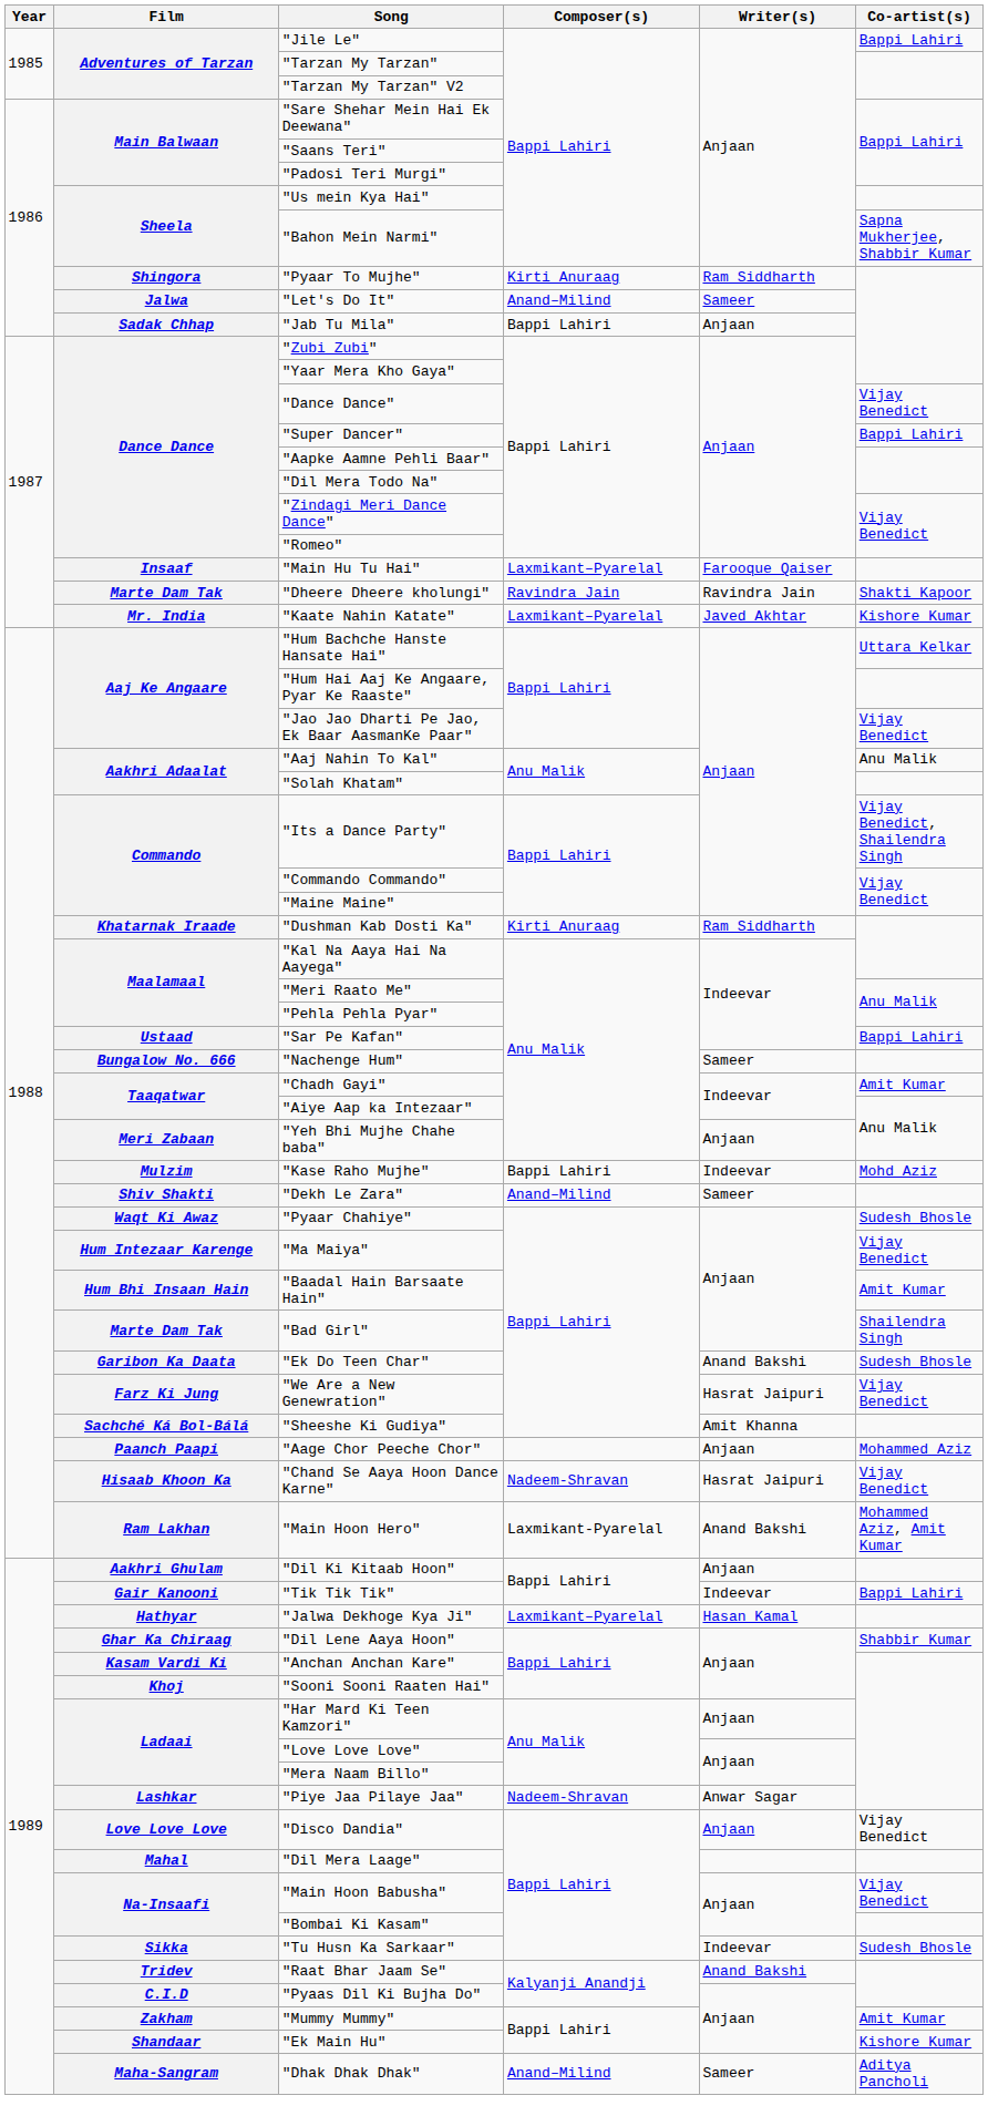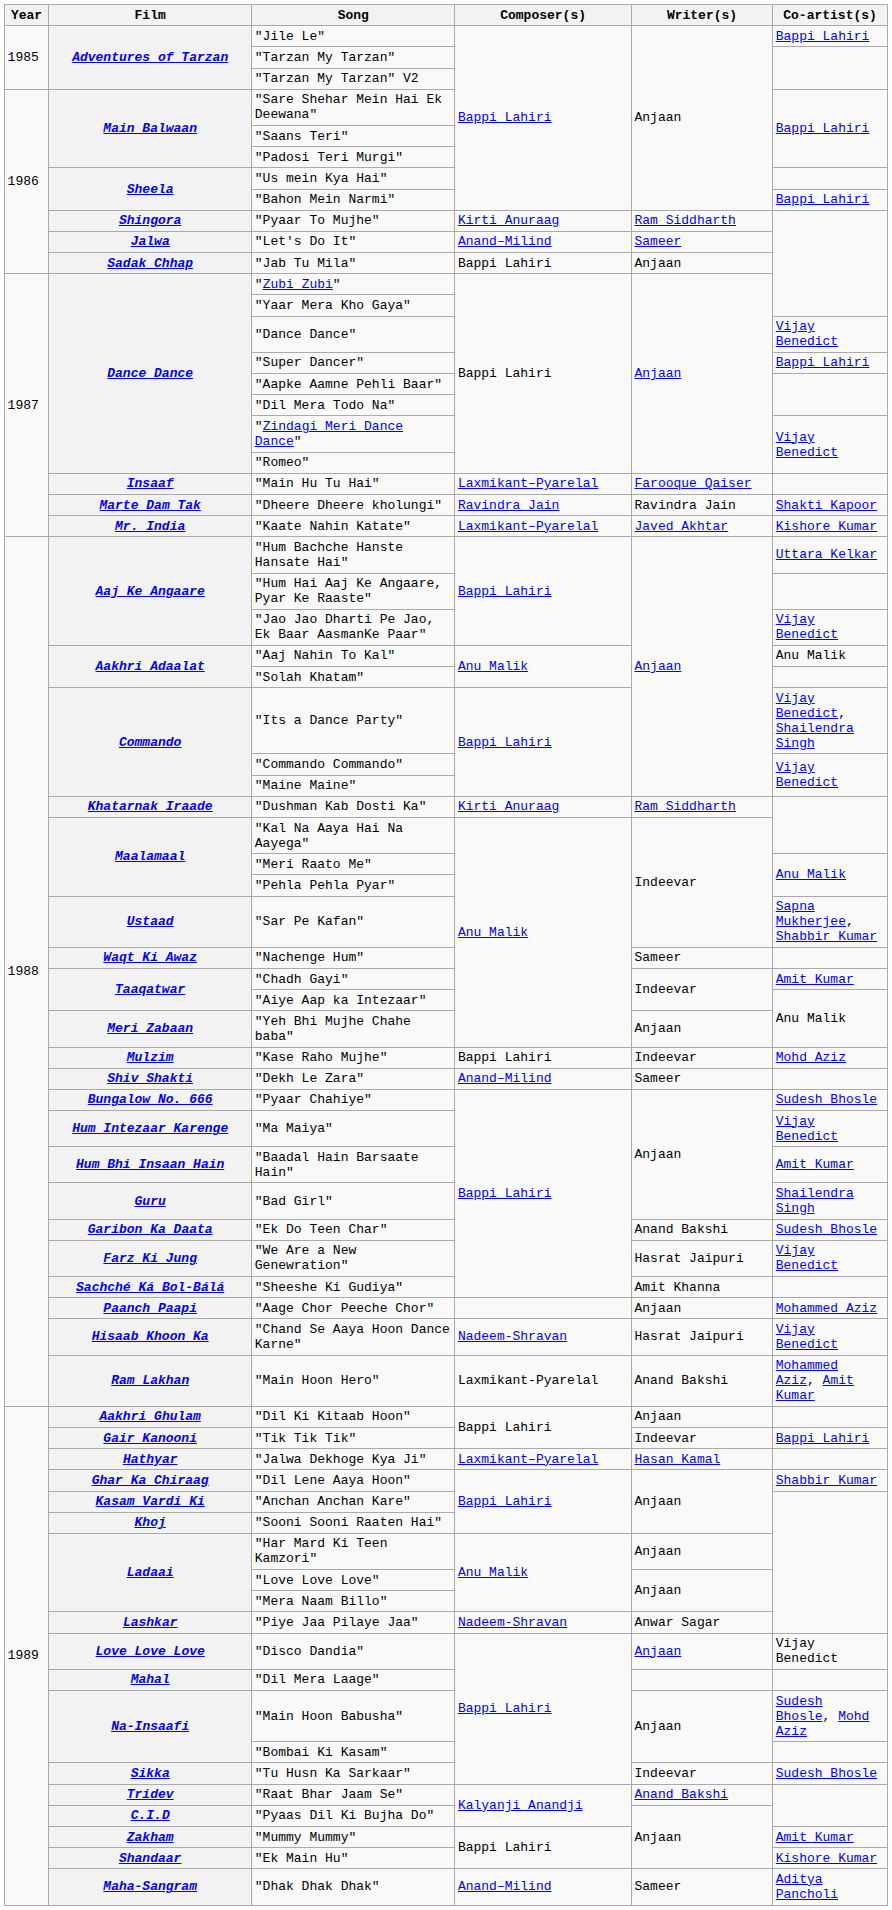 <table class="wikitable plainrowheaders" width="100%" textcolor:#000;">
 <tr style="background:#b0e0e66;">
 <th scope="col" width=5%><strong>Year</strong></th>
 <th scope="col" width=23%><strong>Film</strong></th>
 <th scope="col" width=23%><strong>Song</strong></th>
 <th scope="col" width=20%><strong>Composer(s)</strong></th>
 <th scope="col" width=16%><strong>Writer(s)</strong></th>
 <th scope="col" width=18%><strong>Co-artist(s)</strong></th>
 </tr>
 <tr>
 <td rowspan="3">1985</td>
 <th scope="row" rowspan="3"><em><a href='#'>Adventures of Tarzan</a></em></th>
 <td>"Jile Le"</td>
 <td rowspan="8"><a href='#'>Bappi Lahiri</a></td>
 <td rowspan="8">Anjaan</td>
 <td><a href='#'>Bappi Lahiri</a></td>
 </tr>
 <tr>
 <td>"Tarzan My Tarzan"</td>
 <td rowspan="2"></td>
 </tr>
 <tr>
 <td>"Tarzan My Tarzan" V2</td>
 </tr>
 <tr>
 <td rowspan="8">1986</td>
 <th scope="row" rowspan="3"><em><a href='#'>Main Balwaan</a></em></th>
 <td>"Sare Shehar Mein Hai Ek Deewana"</td>
 <td rowspan="3"><a href='#'>Bappi Lahiri</a></td>
 </tr>
 <tr>
 <td>"Saans Teri"</td>
 </tr>
 <tr>
 <td>"Padosi Teri Murgi"</td>
 </tr>
 <tr>
 <th scope="row" rowspan="2"><em><a href='#'>Sheela</a></em></th>
 <td>"Us mein Kya Hai"</td>
 <td></td>
 </tr>
 <tr>
 <td>"Bahon Mein Narmi"</td>
-<td><a href='#'>Sapna Mukherjee</a>, <a href='#'>Shabbir Kumar</a></td>
+<td><a href='#'>Bappi Lahiri</a></td>
 </tr>
 <tr>
 <th scope="row"><em><a href='#'>Shingora</a></em></th>
 <td>"Pyaar To Mujhe"</td>
 <td><a href='#'>Kirti Anuraag</a></td>
 <td><a href='#'>Ram Siddharth</a></td>
 <td rowspan="5"></td>
 </tr>
 <tr>
 <th scope="row"><em><a href='#'>Jalwa</a></em></th>
 <td>"Let's Do It"</td>
 <td><a href='#'>Anand–Milind</a></td>
 <td><a href='#'>Sameer</a></td>
 </tr>
 <tr>
 <th scope="row"><em><a href='#'>Sadak Chhap</a></em></th>
 <td>"Jab Tu Mila"</td>
 <td>Bappi Lahiri</td>
 <td>Anjaan</td>
 </tr>
 <tr>
 <td rowspan="11">1987</td>
 <th rowspan="8" scope="row"><em><a href='#'>Dance Dance</a></em></th>
 <td>"<a href='#'>Zubi Zubi</a>"</td>
 <td rowspan="8">Bappi Lahiri</td>
 <td rowspan="8"><a href='#'>Anjaan</a></td>
 </tr>
 <tr>
 <td>"Yaar Mera Kho Gaya"</td>
 </tr>
 <tr>
 <td>"Dance Dance"</td>
 <td><a href='#'>Vijay Benedict</a></td>
 </tr>
 <tr>
 <td>"Super Dancer"</td>
 <td><a href='#'>Bappi Lahiri</a></td>
 </tr>
 <tr>
 <td>"Aapke Aamne Pehli Baar"</td>
 <td rowspan="2"></td>
 </tr>
 <tr>
 <td>"Dil Mera Todo Na"</td>
 </tr>
 <tr>
 <td>"<a href='#'>Zindagi Meri Dance Dance</a>"</td>
 <td rowspan="2"><a href='#'>Vijay Benedict</a></td>
 </tr>
 <tr>
 <td>"Romeo"</td>
 </tr>
 <tr>
 <th scope="row"><em><a href='#'>Insaaf</a></em></th>
 <td>"Main Hu Tu Hai"</td>
 <td><a href='#'>Laxmikant–Pyarelal</a></td>
 <td><a href='#'>Farooque Qaiser</a></td>
 <td></td>
 </tr>
 <tr>
 <th scope="row"><em><a href='#'>Marte Dam Tak</a></em></th>
 <td>"Dheere Dheere kholungi"</td>
 <td><a href='#'>Ravindra Jain</a></td>
 <td>Ravindra Jain</td>
 <td><a href='#'>Shakti Kapoor</a></td>
 </tr>
 <tr>
 <th scope="row"><em><a href='#'>Mr. India</a></em></th>
 <td>"Kaate Nahin Katate"</td>
 <td><a href='#'>Laxmikant–Pyarelal</a></td>
 <td><a href='#'>Javed Akhtar</a></td>
 <td><a href='#'>Kishore Kumar</a></td>
 </tr>
 <tr>
 <td rowspan="29">1988</td>
 <th rowspan="3" scope="row"><em><a href='#'>Aaj Ke Angaare</a></em></th>
 <td>"Hum Bachche Hanste Hansate Hai"</td>
 <td rowspan="3"><a href='#'>Bappi Lahiri</a></td>
 <td rowspan="8"><a href='#'>Anjaan</a></td>
 <td><a href='#'>Uttara Kelkar</a></td>
 </tr>
 <tr>
 <td>"Hum Hai Aaj Ke Angaare, Pyar Ke Raaste"</td>
 <td></td>
 </tr>
 <tr>
 <td>"Jao Jao Dharti Pe Jao, Ek Baar AasmanKe Paar"</td>
 <td><a href='#'>Vijay Benedict</a></td>
 </tr>
 <tr>
 <th scope="row" rowspan="2"><em><a href='#'>Aakhri Adaalat</a></em></th>
 <td>"Aaj Nahin To Kal"</td>
 <td rowspan="2"><a href='#'>Anu Malik</a></td>
 <td>Anu Malik</td>
 </tr>
 <tr>
 <td>"Solah Khatam"</td>
 <td></td>
 </tr>
 <tr>
 <th scope="row" rowspan="3"><em><a href='#'>Commando</a></em></th>
 <td>"Its a Dance Party"</td>
 <td rowspan="3"><a href='#'>Bappi Lahiri</a></td>
 <td><a href='#'>Vijay Benedict</a>, <a href='#'>Shailendra Singh</a></td>
 </tr>
 <tr>
 <td>"Commando Commando"</td>
 <td rowspan="2"><a href='#'>Vijay Benedict</a></td>
 </tr>
 <tr>
 <td>"Maine Maine"</td>
 </tr>
 <tr>
 <th scope="row"><em><a href='#'>Khatarnak Iraade</a></em></th>
 <td>"Dushman Kab Dosti Ka"</td>
 <td><a href='#'>Kirti Anuraag</a></td>
 <td><a href='#'>Ram Siddharth</a></td>
 <td rowspan="2"></td>
 </tr>
 <tr>
 <th scope="row" rowspan="3"><em><a href='#'>Maalamaal</a></em></th>
 <td>"Kal Na Aaya Hai Na Aayega"</td>
 <td rowspan="8"><a href='#'>Anu Malik</a></td>
 <td rowspan="4">Indeevar</td>
 </tr>
 <tr>
 <td>"Meri Raato Me"</td>
 <td rowspan="2"><a href='#'>Anu Malik</a></td>
 </tr>
 <tr>
 <td>"Pehla Pehla Pyar"</td>
 </tr>
 <tr>
 <th scope="row"><em><a href='#'>Ustaad</a></em></th>
 <td>"Sar Pe Kafan"</td>
-<td><a href='#'>Bappi Lahiri</a></td>
+<td><a href='#'>Sapna Mukherjee</a>, <a href='#'>Shabbir Kumar</a></td>
 </tr>
 <tr>
-<th scope="row"><em><a href='#'>Bungalow No. 666</a></em></th>
+<th scope="row"><em><a href='#'>Waqt Ki Awaz</a></em></th>
 <td>"Nachenge Hum"</td>
 <td>Sameer</td>
 <td></td>
 </tr>
 <tr>
 <th rowspan="2" scope="row"><em><a href='#'>Taaqatwar</a></em></th>
 <td>"Chadh Gayi"</td>
 <td rowspan="2">Indeevar</td>
 <td><a href='#'>Amit Kumar</a></td>
 </tr>
 <tr>
 <td>"Aiye Aap ka Intezaar"</td>
 <td rowspan="2">Anu Malik</td>
 </tr>
 <tr>
 <th scope="row"><em><a href='#'>Meri Zabaan</a></em></th>
 <td>"Yeh Bhi Mujhe Chahe baba"</td>
 <td>Anjaan</td>
 </tr>
 <tr>
 <th scope="row"><em><a href='#'>Mulzim</a></em></th>
 <td>"Kase Raho Mujhe"</td>
 <td>Bappi Lahiri</td>
 <td>Indeevar</td>
 <td><a href='#'>Mohd Aziz</a></td>
 </tr>
 <tr>
 <th scope="row"><em><a href='#'>Shiv Shakti</a></em></th>
 <td>"Dekh Le Zara"</td>
 <td><a href='#'>Anand–Milind</a></td>
 <td>Sameer</td>
 <td></td>
 </tr>
 <tr>
-<th scope="row"><em><a href='#'>Waqt Ki Awaz</a></em></th>
+<th scope="row"><em><a href='#'>Bungalow No. 666</a></em></th>
 <td>"Pyaar Chahiye"</td>
 <td rowspan="7"><a href='#'>Bappi Lahiri</a></td>
 <td rowspan="4">Anjaan</td>
 <td><a href='#'>Sudesh Bhosle</a></td>
 </tr>
 <tr>
 <th scope="row"><em><a href='#'>Hum Intezaar Karenge</a></em></th>
 <td>"Ma Maiya"</td>
 <td><a href='#'>Vijay Benedict</a></td>
 </tr>
 <tr>
 <th scope="row"><em><a href='#'>Hum Bhi Insaan Hain</a></em></th>
 <td>"Baadal Hain Barsaate Hain"</td>
 <td><a href='#'>Amit Kumar</a></td>
 </tr>
 <tr>
-<th scope="row"><em><a href='#'>Marte Dam Tak</a></em></th>
+<th scope="row"><em><a href='#'>Guru</a></em></th>
 <td>"Bad Girl"</td>
 <td><a href='#'>Shailendra Singh</a></td>
 </tr>
 <tr>
 <th scope="row"><em><a href='#'>Garibon Ka Daata</a></em></th>
 <td>"Ek Do Teen Char"</td>
 <td>Anand Bakshi</td>
 <td><a href='#'>Sudesh Bhosle</a></td>
 </tr>
 <tr>
 <th scope="row"><em><a href='#'>Farz Ki Jung</a></em></th>
 <td>"We Are a New Genewration"</td>
 <td>Hasrat Jaipuri</td>
 <td><a href='#'>Vijay Benedict</a></td>
 </tr>
 <tr>
 <th scope="row"><em><a href='#'>Sachché Ká Bol-Bálá</a></em></th>
 <td>"Sheeshe Ki Gudiya"</td>
 <td>Amit Khanna</td>
 <td></td>
 </tr>
 <tr>
 <th scope="row"><em><a href='#'>Paanch Paapi</a></em></th>
 <td>"Aage Chor Peeche Chor"</td>
 <td></td>
 <td>Anjaan</td>
 <td><a href='#'>Mohammed Aziz</a></td>
 </tr>
 <tr>
 <th scope="row"><em><a href='#'>Hisaab Khoon Ka</a></em></th>
 <td>"Chand Se Aaya Hoon Dance Karne"</td>
 <td><a href='#'>Nadeem-Shravan</a></td>
 <td>Hasrat Jaipuri</td>
 <td><a href='#'>Vijay Benedict</a></td>
 </tr>
 <tr>
 <th scope="row"><em><a href='#'>Ram Lakhan</a></em></th>
 <td>"Main Hoon Hero"</td>
 <td>Laxmikant-Pyarelal</td>
 <td>Anand Bakshi</td>
 <td><a href='#'>Mohammed Aziz</a>, <a href='#'>Amit Kumar</a></td>
 </tr>
 <tr>
 <td rowspan="20">1989</td>
 <th scope="row"><em><a href='#'>Aakhri Ghulam</a></em></th>
 <td>"Dil Ki Kitaab Hoon"</td>
 <td rowspan="2">Bappi Lahiri</td>
 <td>Anjaan</td>
 <td></td>
 </tr>
 <tr>
 <th scope="row"><em><a href='#'>Gair Kanooni</a></em></th>
 <td>"Tik Tik Tik"</td>
 <td>Indeevar</td>
 <td><a href='#'>Bappi Lahiri</a></td>
 </tr>
 <tr>
 <th scope="row"><em><a href='#'>Hathyar</a></em></th>
 <td>"Jalwa Dekhoge Kya Ji"</td>
 <td><a href='#'>Laxmikant–Pyarelal</a></td>
 <td><a href='#'>Hasan Kamal</a></td>
 <td></td>
 </tr>
 <tr>
 <th scope="row"><em><a href='#'>Ghar Ka Chiraag</a></em></th>
 <td>"Dil Lene Aaya Hoon"</td>
 <td rowspan="3"><a href='#'>Bappi Lahiri</a></td>
 <td rowspan="3">Anjaan</td>
 <td><a href='#'>Shabbir Kumar</a></td>
 </tr>
 <tr>
 <th scope="row"><em><a href='#'>Kasam Vardi Ki</a></em></th>
 <td>"Anchan Anchan Kare"</td>
 <td rowspan="6"></td>
 </tr>
 <tr>
 <th scope="row"><em><a href='#'>Khoj</a></em></th>
 <td>"Sooni Sooni Raaten Hai"</td>
 </tr>
 <tr>
 <th scope="row" rowspan="3"><em><a href='#'>Ladaai</a></em></th>
 <td>"Har Mard Ki Teen Kamzori"</td>
 <td rowspan="3"><a href='#'>Anu Malik</a></td>
 <td>Anjaan</td>
 </tr>
 <tr>
 <td>"Love Love Love"</td>
 <td rowspan="2">Anjaan</td>
 </tr>
 <tr>
 <td>"Mera Naam Billo"</td>
 </tr>
 <tr>
 <th scope="row"><em><a href='#'>Lashkar</a></em></th>
 <td>"Piye Jaa Pilaye Jaa"</td>
 <td><a href='#'>Nadeem-Shravan</a></td>
 <td>Anwar Sagar</td>
 </tr>
 <tr>
 <th scope="row"><em><a href='#'>Love Love Love</a></em></th>
 <td>"Disco Dandia"</td>
 <td rowspan="5"><a href='#'>Bappi Lahiri</a></td>
 <td><a href='#'>Anjaan</a></td>
 <td>Vijay Benedict</td>
 </tr>
 <tr>
 <th scope="row"><em><a href='#'>Mahal</a></em></th>
 <td>"Dil Mera Laage"</td>
 <td></td>
 <td></td>
 </tr>
 <tr>
 <th rowspan="2" scope="row"><em><a href='#'>Na-Insaafi</a></em></th>
 <td>"Main Hoon Babusha"</td>
 <td rowspan="2">Anjaan</td>
-<td><a href='#'>Vijay Benedict</a></td>
+<td><a href='#'>Sudesh Bhosle</a>, <a href='#'>Mohd Aziz</a></td>
 </tr>
 <tr>
 <td>"Bombai Ki Kasam"</td>
 <td></td>
 </tr>
 <tr>
 <th scope="row"><em><a href='#'>Sikka</a></em></th>
 <td>"Tu Husn Ka Sarkaar"</td>
 <td>Indeevar</td>
 <td><a href='#'>Sudesh Bhosle</a></td>
 </tr>
 <tr>
 <th scope="row"><em><a href='#'>Tridev</a></em></th>
 <td>"Raat Bhar Jaam Se"</td>
 <td rowspan="2"><a href='#'>Kalyanji Anandji</a></td>
 <td><a href='#'>Anand Bakshi</a></td>
 <td rowspan="2"></td>
 </tr>
 <tr>
 <th scope="row"><em><a href='#'>C.I.D</a></em></th>
 <td>"Pyaas Dil Ki Bujha Do"</td>
 <td rowspan="3">Anjaan</td>
 </tr>
 <tr>
 <th scope="row"><em><a href='#'>Zakham</a></em></th>
 <td>"Mummy Mummy"</td>
 <td rowspan="2">Bappi Lahiri</td>
 <td><a href='#'>Amit Kumar</a></td>
 </tr>
 <tr>
 <th scope="row"><em><a href='#'>Shandaar</a></em></th>
 <td>"Ek Main Hu"</td>
 <td><a href='#'>Kishore Kumar</a></td>
 </tr>
 <tr>
 <th scope="row"><em><a href='#'>Maha-Sangram</a></em></th>
 <td>"Dhak Dhak Dhak"</td>
 <td><a href='#'>Anand–Milind</a></td>
 <td>Sameer</td>
 <td><a href='#'>Aditya Pancholi</a></td>
 </tr>
 </table>
